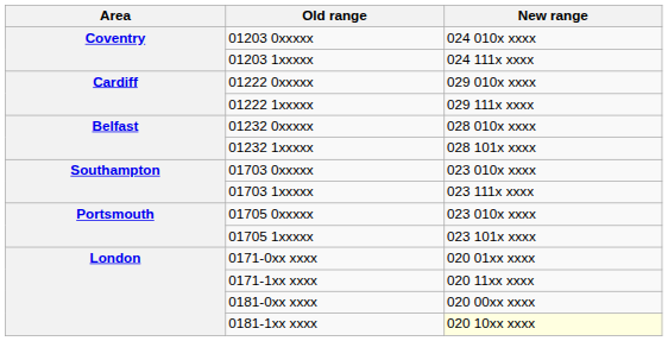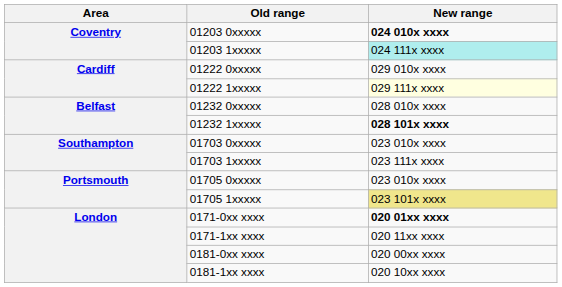 <table class="wikitable" style="width: 60%;">
 <tr>
 <th scope="col">Area</th>
 <th scope="col">Old range</th>
 <th scope="col">New range</th>
 </tr>
 <tr>
 <th rowspan="2" scope="row" style="vertical-align: top;"><a href='#'>Coventry</a></th>
 <td>01203 0xxxxx</td>
-<td>024 010x xxxx</td>
+<td><strong>024 010x xxxx</strong></td>
 </tr>
 <tr>
 <td>01203 1xxxxx</td>
-<td>024 111x xxxx</td>
+<td style="background: paleturquoise;">024 111x xxxx</td>
 </tr>
 <tr>
 <th rowspan="2" scope="row" style="vertical-align: top;"><a href='#'>Cardiff</a></th>
 <td>01222 0xxxxx</td>
 <td>029 010x xxxx</td>
 </tr>
 <tr>
 <td>01222 1xxxxx</td>
-<td>029 111x xxxx</td>
+<td style="background: lightyellow;">029 111x xxxx</td>
 </tr>
 <tr>
 <th rowspan="2" scope="row" style="vertical-align: top;"><a href='#'>Belfast</a></th>
 <td>01232 0xxxxx</td>
 <td>028 010x xxxx</td>
 </tr>
 <tr>
 <td>01232 1xxxxx</td>
-<td>028 101x xxxx</td>
+<td><strong>028 101x xxxx</strong></td>
 </tr>
 <tr>
 <th rowspan="2" scope="row" style="vertical-align: top;"><a href='#'>Southampton</a></th>
 <td>01703 0xxxxx</td>
 <td>023 010x xxxx</td>
 </tr>
 <tr>
 <td>01703 1xxxxx</td>
 <td>023 111x xxxx</td>
 </tr>
 <tr>
 <th rowspan="2" scope="row" style="vertical-align: top;"><a href='#'>Portsmouth</a></th>
 <td>01705 0xxxxx</td>
 <td>023 010x xxxx</td>
 </tr>
 <tr>
 <td>01705 1xxxxx</td>
-<td>023 101x xxxx</td>
+<td style="background: khaki;">023 101x xxxx</td>
 </tr>
 <tr>
 <th rowspan="4" scope="row" style="vertical-align: top;"><a href='#'>London</a></th>
 <td>0171-0xx xxxx</td>
-<td>020 01xx xxxx</td>
+<td><strong>020 01xx xxxx</strong></td>
 </tr>
 <tr>
 <td>0171-1xx xxxx</td>
 <td>020 11xx xxxx</td>
 </tr>
 <tr>
 <td>0181-0xx xxxx</td>
 <td>020 00xx xxxx</td>
 </tr>
 <tr>
 <td>0181-1xx xxxx</td>
-<td style="background: lightyellow;">020 10xx xxxx</td>
+<td>020 10xx xxxx</td>
 </tr>
 </table>
